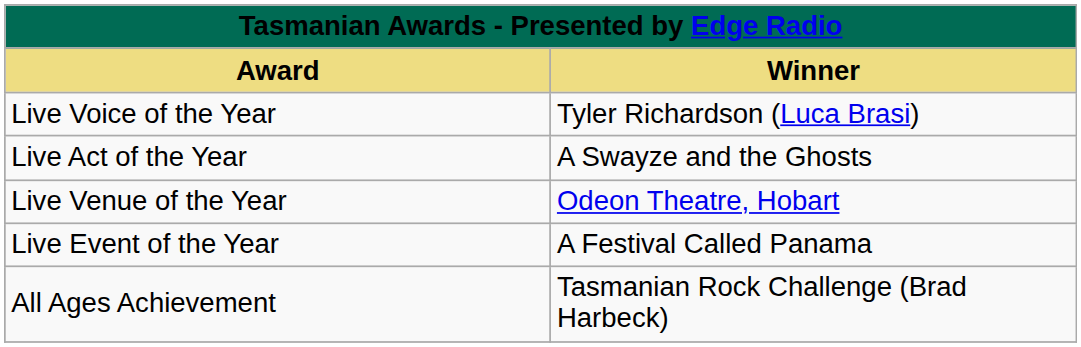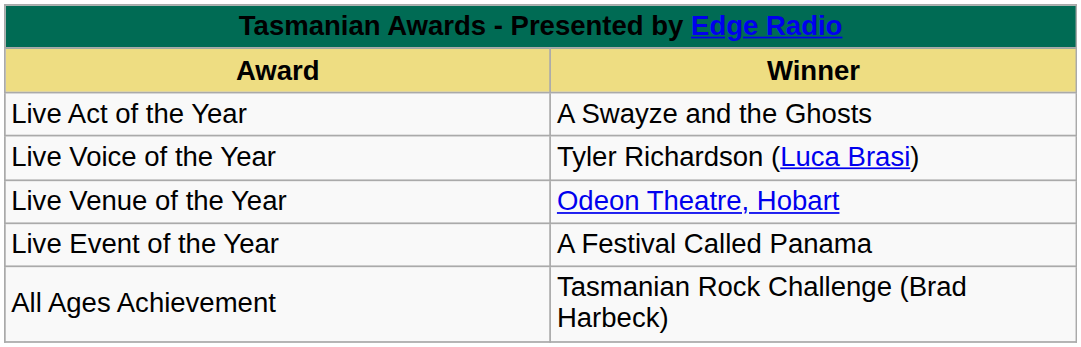 <table class="wikitable" width=100%>
 <tr>
 <th colspan="2" ! style="width:15%;background:#006b54">Tasmanian Awards - Presented by <a href='#'>Edge Radio</a></th>
 </tr>
 <tr>
 <th style="width:10%;background:#EEDD82;">Award</th>
 <th style="width:10%;background:#EEDD82;">Winner</th>
 </tr>
 <tr>
+<td>Live Act of the Year</td>
+<td>A Swayze and the Ghosts</td>
+</tr>
+<tr>
 <td>Live Voice of the Year</td>
 <td>Tyler Richardson (<a href='#'>Luca Brasi</a>)</td>
-</tr>
-<tr>
-<td>Live Act of the Year</td>
-<td>A Swayze and the Ghosts</td>
 </tr>
 <tr>
 <td>Live Venue of the Year</td>
 <td><a href='#'>Odeon Theatre, Hobart</a></td>
 </tr>
 <tr>
 <td>Live Event of the Year</td>
 <td>A Festival Called Panama</td>
 </tr>
 <tr>
 <td>All Ages Achievement</td>
 <td>Tasmanian Rock Challenge (Brad Harbeck)</td>
 </tr>
 </table>
